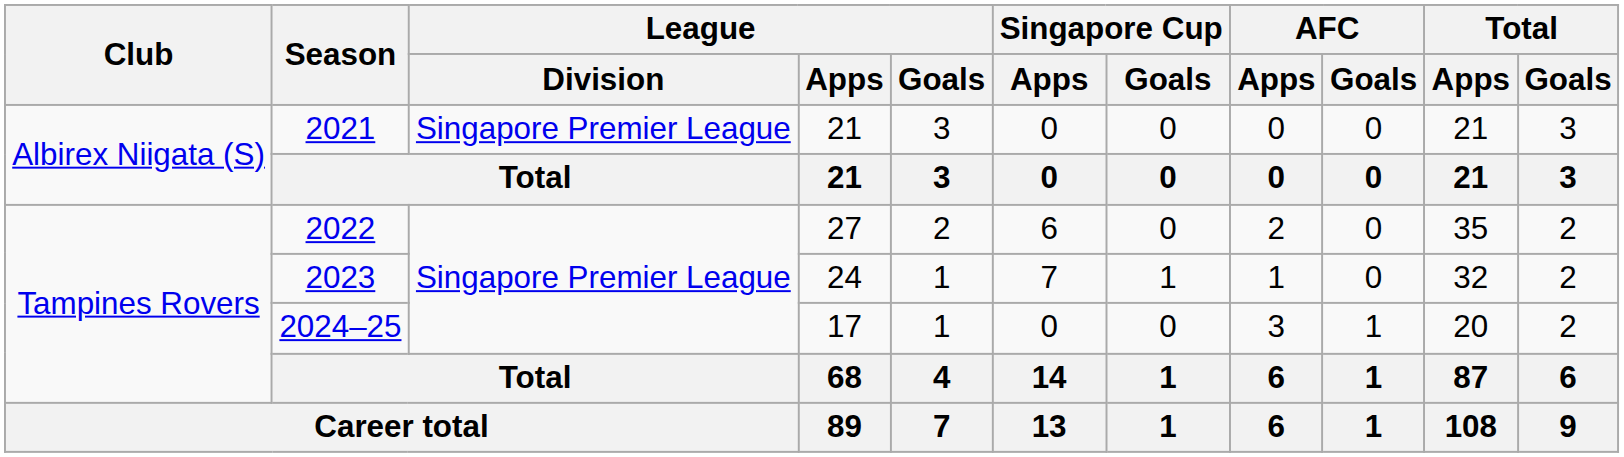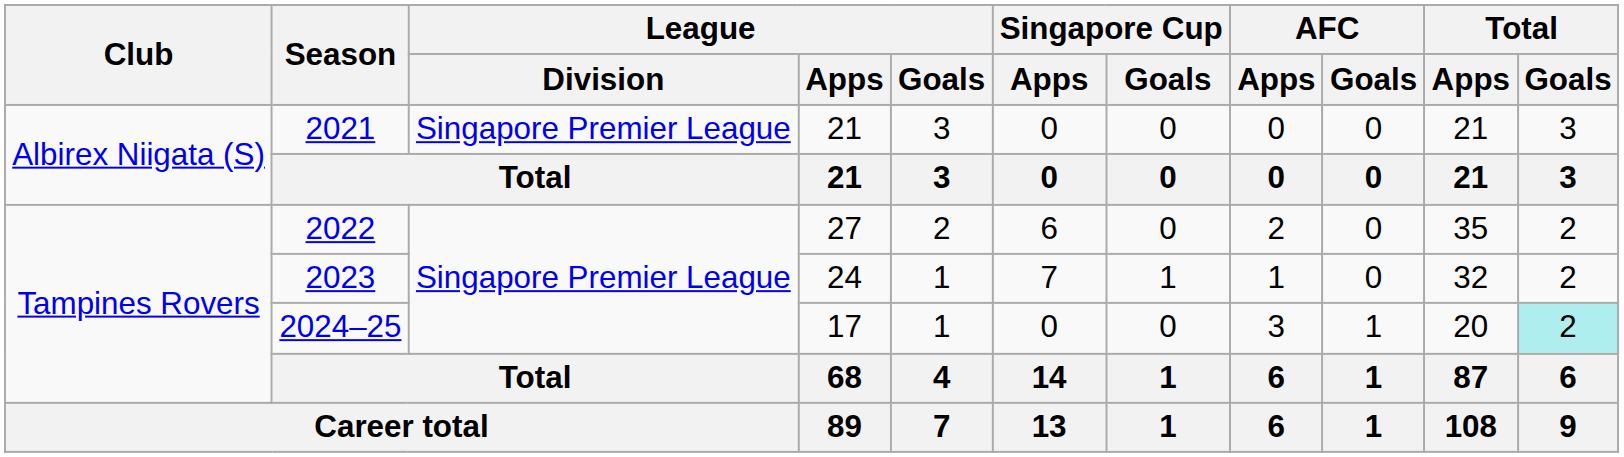 <table class="wikitable" style="text-align: center">
 <tr>
 <th rowspan="2">Club</th>
 <th rowspan="2">Season</th>
 <th colspan="3">League</th>
 <th colspan="2">Singapore Cup</th>
 <th colspan="2">AFC</th>
 <th colspan="2">Total</th>
 </tr>
 <tr>
 <th>Division</th>
 <th>Apps</th>
 <th>Goals</th>
 <th>Apps</th>
 <th>Goals</th>
 <th>Apps</th>
 <th>Goals</th>
 <th>Apps</th>
 <th>Goals</th>
 </tr>
 <tr>
 <td rowspan="2"><a href='#'>Albirex Niigata (S)</a></td>
 <td><a href='#'>2021</a></td>
 <td><a href='#'>Singapore Premier League</a></td>
 <td>21</td>
 <td>3</td>
 <td>0</td>
 <td>0</td>
 <td>0</td>
 <td>0</td>
 <td>21</td>
 <td>3</td>
 </tr>
 <tr>
 <th colspan=2>Total</th>
 <th>21</th>
 <th>3</th>
 <th>0</th>
 <th>0</th>
 <th>0</th>
 <th>0</th>
 <th>21</th>
 <th>3</th>
 </tr>
 <tr>
 <td rowspan="4"><a href='#'>Tampines Rovers</a></td>
 <td><a href='#'>2022</a></td>
 <td rowspan="3"><a href='#'>Singapore Premier League</a></td>
 <td>27</td>
 <td>2</td>
 <td>6</td>
 <td>0</td>
 <td>2</td>
 <td>0</td>
 <td>35</td>
 <td>2</td>
 </tr>
 <tr>
 <td><a href='#'>2023</a></td>
 <td>24</td>
 <td>1</td>
 <td>7</td>
 <td>1</td>
 <td>1</td>
 <td>0</td>
 <td>32</td>
 <td>2</td>
 </tr>
 <tr>
 <td><a href='#'>2024–25</a></td>
 <td>17</td>
 <td>1</td>
 <td>0</td>
 <td>0</td>
 <td>3</td>
 <td>1</td>
 <td>20</td>
-<td>2</td>
+<td style="background: paleturquoise;">2</td>
 </tr>
 <tr>
 <th colspan=2>Total</th>
 <th>68</th>
 <th>4</th>
 <th>14</th>
 <th>1</th>
 <th>6</th>
 <th>1</th>
 <th>87</th>
 <th>6</th>
 </tr>
 <tr>
 <th colspan=3>Career total</th>
 <th>89</th>
 <th>7</th>
 <th>13</th>
 <th>1</th>
 <th>6</th>
 <th>1</th>
 <th>108</th>
 <th>9</th>
 </tr>
 </table>
